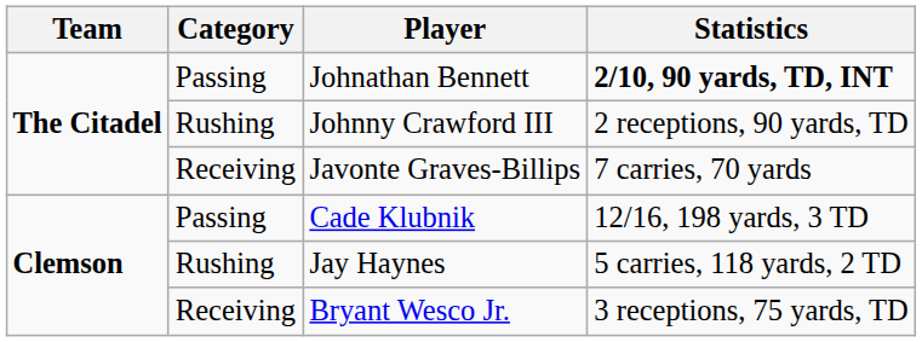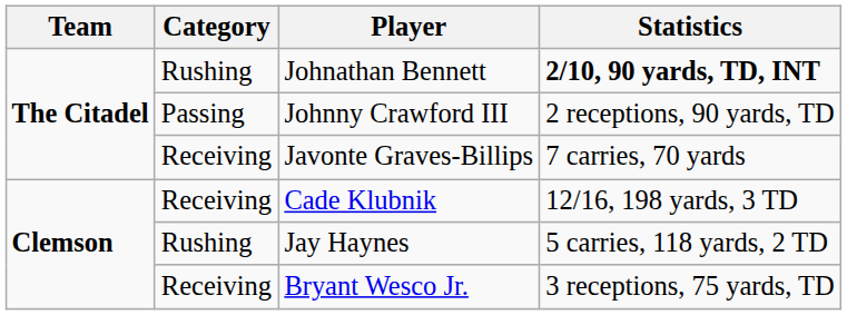 <table class="wikitable" style="float: right;">
 <tr>
 <th>Team</th>
 <th>Category</th>
 <th>Player</th>
 <th>Statistics</th>
 </tr>
 <tr>
 <td rowspan=3><strong>The Citadel</strong></td>
-<td>Passing</td>
+<td>Rushing</td>
 <td>Johnathan Bennett</td>
 <td><strong>2/10, 90 yards, TD, INT</strong></td>
 </tr>
 <tr>
-<td>Rushing</td>
+<td>Passing</td>
 <td>Johnny Crawford III</td>
 <td>2 receptions, 90 yards, TD</td>
 </tr>
 <tr>
 <td>Receiving</td>
 <td>Javonte Graves-Billips</td>
 <td>7 carries, 70 yards</td>
 </tr>
 <tr>
 <td rowspan=3><strong>Clemson</strong></td>
-<td>Passing</td>
+<td>Receiving</td>
 <td><a href='#'>Cade Klubnik</a></td>
 <td>12/16, 198 yards, 3 TD</td>
 </tr>
 <tr>
 <td>Rushing</td>
 <td>Jay Haynes</td>
 <td>5 carries, 118 yards, 2 TD</td>
 </tr>
 <tr>
 <td>Receiving</td>
 <td><a href='#'>Bryant Wesco Jr.</a></td>
 <td>3 receptions, 75 yards, TD</td>
 </tr>
 </table>
